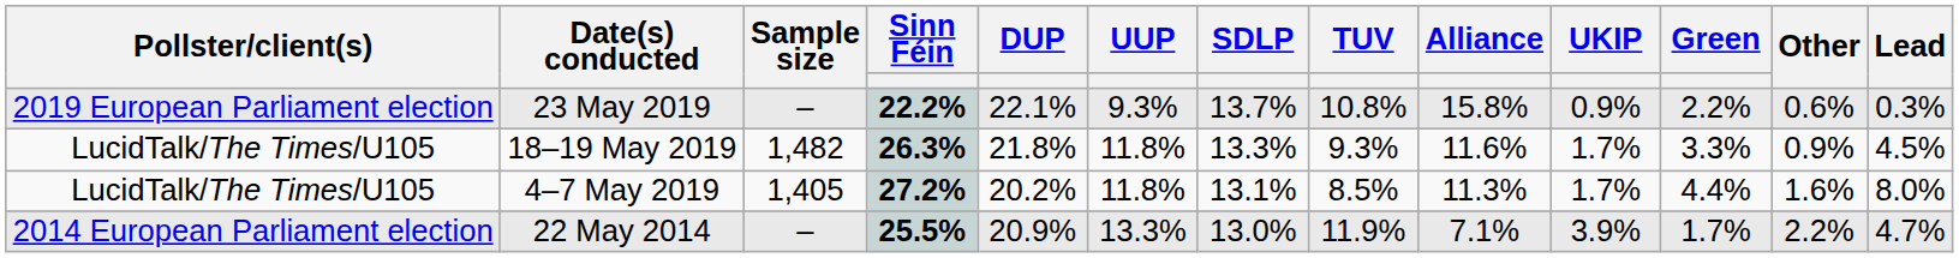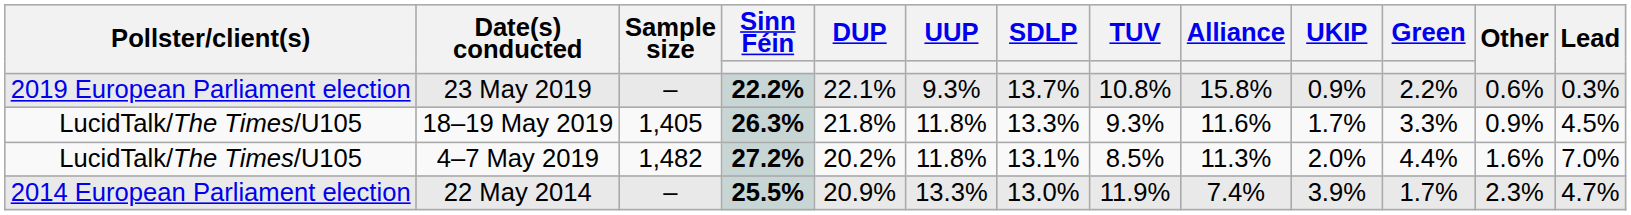 <table class="wikitable sortable mw-datatable" style="text-align:center;line-height:14px;">
 <tr>
 <th rowspan="2">Pollster/client(s)</th>
 <th rowspan="2">Date(s)<br>conducted</th>
 <th data-sort-type="number" rowspan="2">Sample<br>size</th>
 <th class="unsortable" style="width:50px;"><a href='#'>Sinn Féin</a></th>
 <th class="unsortable" style="width:50px;"><a href='#'>DUP</a></th>
 <th class="unsortable" style="width:50px;"><a href='#'>UUP</a></th>
 <th class="unsortable" style="width:50px;"><a href='#'>SDLP</a></th>
 <th class="unsortable" style="width:50px;"><a href='#'>TUV</a></th>
 <th class="unsortable" style="width:50px;"><a href='#'>Alliance</a></th>
 <th class="unsortable" style="width:50px;"><a href='#'>UKIP</a></th>
 <th class="unsortable" style="width:50px;"><a href='#'>Green</a></th>
 <th class="unsortable" rowspan="2">Other</th>
 <th data-sort-type="number" rowspan="2">Lead</th>
 </tr>
 <tr>
 <th data-sort-type="number" style="background:"></th>
 <th data-sort-type="number" style="background:"></th>
 <th data-sort-type="number" style="background:"></th>
 <th data-sort-type="number" style="background:"></th>
 <th data-sort-type="number" style="background:"></th>
 <th data-sort-type="number" style="background:"></th>
 <th data-sort-type="number" style="background:"></th>
 <th data-sort-type="number" style="background:"></th>
 </tr>
 <tr style="background:#E9E9E9;">
 <td><a href='#'>2019 European Parliament election</a></td>
 <td data-sort-value="2019-05-23">23 May 2019</td>
 <td>–</td>
 <td style="background:#C7D5D4;"><strong>22.2%</strong></td>
 <td>22.1%</td>
 <td>9.3%</td>
 <td>13.7%</td>
 <td>10.8%</td>
 <td>15.8%</td>
 <td>0.9%</td>
 <td>2.2%</td>
 <td>0.6%</td>
 <td style="background:">0.3%</td>
 </tr>
 <tr>
 <td>LucidTalk/<em>The Times</em>/U105</td>
 <td data-sort-value="2019-05-19">18–19 May 2019</td>
-<td>1,482</td>
+<td>1,405</td>
 <td style="background:#C7D5D4;"><strong>26.3%</strong></td>
 <td>21.8%</td>
 <td>11.8%</td>
 <td>13.3%</td>
 <td>9.3%</td>
 <td>11.6%</td>
 <td>1.7%</td>
 <td>3.3%</td>
 <td>0.9%</td>
 <td style="background:">4.5%</td>
 </tr>
 <tr>
 <td>LucidTalk/<em>The Times</em>/U105</td>
 <td data-sort-value="2019-05-07">4–7 May 2019</td>
-<td>1,405</td>
+<td>1,482</td>
 <td style="background:#C7D5D4;"><strong>27.2%</strong></td>
 <td>20.2%</td>
 <td>11.8%</td>
 <td>13.1%</td>
 <td>8.5%</td>
 <td>11.3%</td>
-<td>1.7%</td>
+<td>2.0%</td>
 <td>4.4%</td>
 <td>1.6%</td>
-<td style="background:">8.0%</td>
+<td style="background:">7.0%</td>
 </tr>
 <tr style="background:#E9E9E9;">
 <td><a href='#'>2014 European Parliament election</a></td>
 <td data-sort-value="2014-05-22">22 May 2014</td>
 <td>–</td>
 <td style="background:#C7D5D4;"><strong>25.5%</strong></td>
 <td>20.9%</td>
 <td>13.3%</td>
 <td>13.0%</td>
 <td>11.9%</td>
-<td>7.1%</td>
+<td>7.4%</td>
 <td>3.9%</td>
 <td>1.7%</td>
-<td>2.2%</td>
+<td>2.3%</td>
 <td style="background:">4.7%</td>
 </tr>
 </table>
